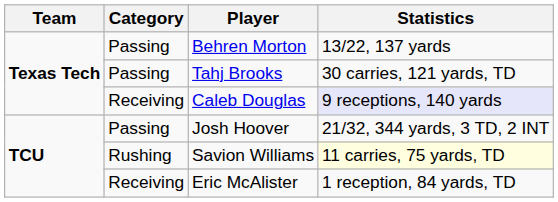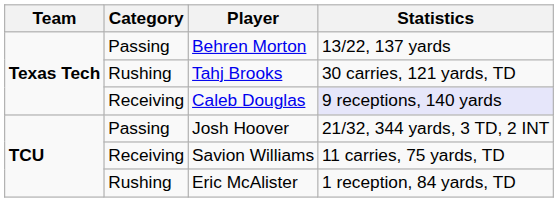 <table class="wikitable" style="float: right;">
 <tr>
 <th>Team</th>
 <th>Category</th>
 <th>Player</th>
 <th>Statistics</th>
 </tr>
 <tr>
 <td rowspan=3><strong>Texas Tech</strong></td>
 <td>Passing</td>
 <td><a href='#'>Behren Morton</a></td>
 <td>13/22, 137 yards</td>
 </tr>
 <tr>
-<td>Passing</td>
+<td>Rushing</td>
 <td><a href='#'>Tahj Brooks</a></td>
 <td>30 carries, 121 yards, TD</td>
 </tr>
 <tr>
 <td>Receiving</td>
 <td><a href='#'>Caleb Douglas</a></td>
 <td style="background: lavender;">9 receptions, 140 yards</td>
 </tr>
 <tr>
 <td rowspan=3><strong>TCU</strong></td>
 <td>Passing</td>
 <td>Josh Hoover</td>
 <td>21/32, 344 yards, 3 TD, 2 INT</td>
 </tr>
 <tr>
-<td>Rushing</td>
+<td>Receiving</td>
 <td>Savion Williams</td>
-<td style="background: lightyellow;">11 carries, 75 yards, TD</td>
+<td>11 carries, 75 yards, TD</td>
 </tr>
 <tr>
-<td>Receiving</td>
+<td>Rushing</td>
 <td>Eric McAlister</td>
 <td>1 reception, 84 yards, TD</td>
 </tr>
 </table>
